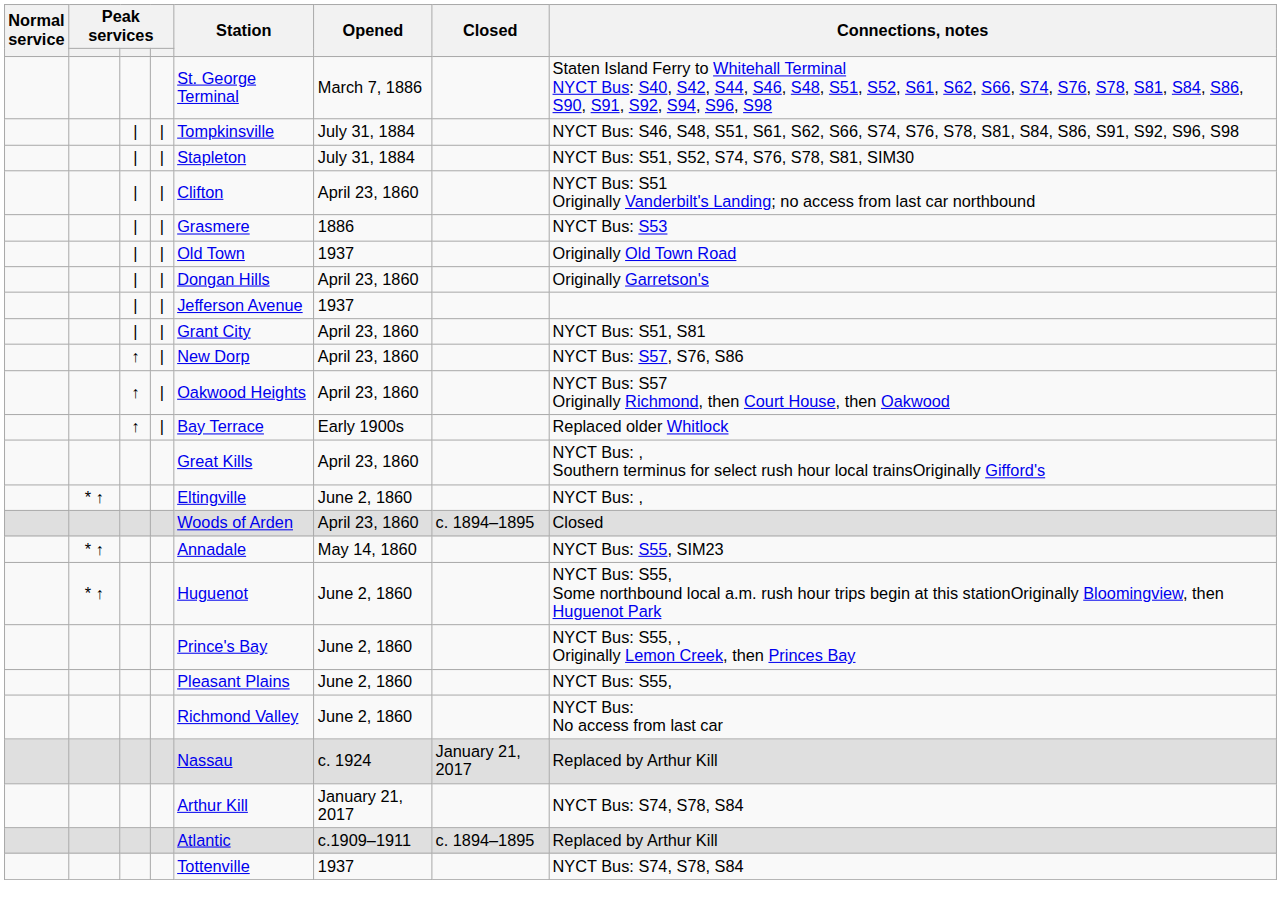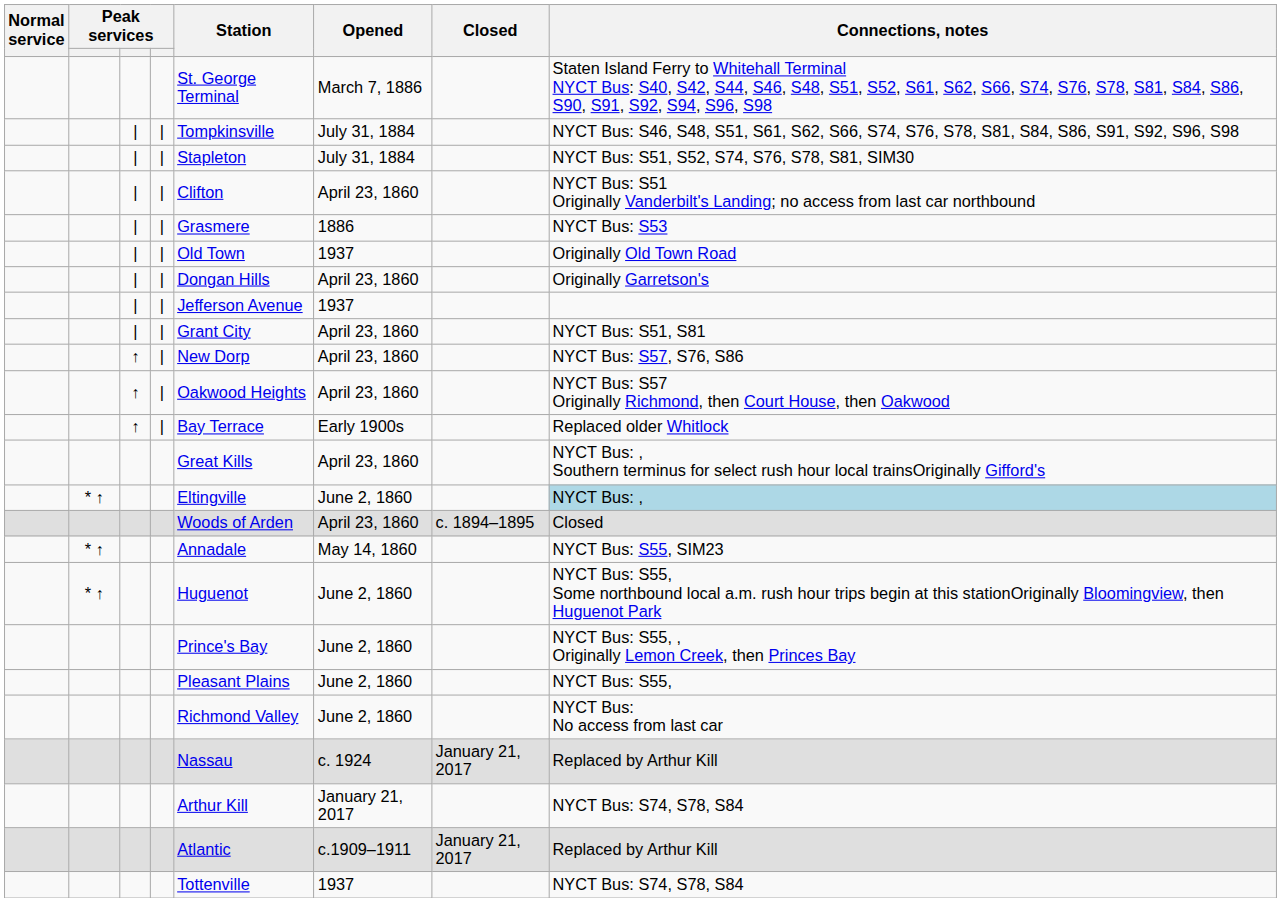 <table class="wikitable" summary="Service information for the Staten Island Railway and its stations, including service times, ADA-accessibility, subway transfers, and non-subway connections.">
 <tr>
 <th scope="col" rowspan=2>Normal<br>service</th>
 <th colspan=3>Peak services</th>
 <th scope="col" rowspan=2>Station</th>
 <th scope="col" rowspan=2>Opened</th>
 <th scope="col" rowspan=2>Closed</th>
 <th scope="col" rowspan=2>Connections, notes</th>
 </tr>
 <tr>
 <th scope="col"></th>
 <th scope="col"></th>
 <th scope="col"></th>
 </tr>
 <tr>
 <td align=center></td>
 <td align=center></td>
 <td align=center></td>
 <td align=center></td>
 <td><a href='#'>St. George Terminal</a> </td>
 <td>March 7, 1886</td>
 <td></td>
 <td> Staten Island Ferry to <a href='#'>Whitehall Terminal</a><br> <a href='#'>NYCT Bus</a>: <a href='#'>S40</a>, <a href='#'>S42</a>, <a href='#'>S44</a>, <a href='#'>S46</a>, <a href='#'>S48</a>, <a href='#'>S51</a>, <a href='#'>S52</a>, <a href='#'>S61</a>, <a href='#'>S62</a>, <a href='#'>S66</a>, <a href='#'>S74</a>, <a href='#'>S76</a>, <a href='#'>S78</a>, <a href='#'>S81</a>, <a href='#'>S84</a>, <a href='#'>S86</a>, <a href='#'>S90</a>, <a href='#'>S91</a>, <a href='#'>S92</a>, <a href='#'>S94</a>, <a href='#'>S96</a>, <a href='#'>S98</a></td>
 </tr>
 <tr>
 <td align=center></td>
 <td align=center></td>
 <td align=center>|</td>
 <td align=center>|</td>
 <td><a href='#'>Tompkinsville</a></td>
 <td>July 31, 1884</td>
 <td></td>
 <td> NYCT Bus:  S46, S48, S51, S61, S62, S66, S74, S76, S78, S81, S84, S86, S91, S92, S96, S98</td>
 </tr>
 <tr>
 <td align=center></td>
 <td align=center></td>
 <td align=center>|</td>
 <td align=center>|</td>
 <td><a href='#'>Stapleton</a></td>
 <td>July 31, 1884</td>
 <td></td>
 <td> NYCT Bus: S51, S52, S74, S76, S78, S81, SIM30</td>
 </tr>
 <tr>
 <td align=center></td>
 <td align=center></td>
 <td align=center>|</td>
 <td align=center>|</td>
 <td><a href='#'>Clifton</a></td>
 <td>April 23, 1860</td>
 <td></td>
 <td> NYCT Bus: S51<br>Originally <a href='#'>Vanderbilt's Landing</a>; no access from last car northbound</td>
 </tr>
 <tr>
 <td align=center></td>
 <td align=center></td>
 <td align=center>|</td>
 <td align=center>|</td>
 <td><a href='#'>Grasmere</a></td>
 <td>1886</td>
 <td></td>
 <td> NYCT Bus: <a href='#'>S53</a></td>
 </tr>
 <tr>
 <td align=center></td>
 <td align=center></td>
 <td align=center>|</td>
 <td align=center>|</td>
 <td><a href='#'>Old Town</a></td>
 <td>1937</td>
 <td></td>
 <td>Originally <a href='#'>Old Town Road</a></td>
 </tr>
 <tr>
 <td align=center></td>
 <td align=center></td>
 <td align=center>|</td>
 <td align=center>|</td>
 <td><a href='#'>Dongan Hills</a> </td>
 <td>April 23, 1860</td>
 <td></td>
 <td>Originally <a href='#'>Garretson's</a></td>
 </tr>
 <tr>
 <td align=center></td>
 <td align=center></td>
 <td align=center>|</td>
 <td align=center>|</td>
 <td><a href='#'>Jefferson Avenue</a></td>
 <td>1937</td>
 <td></td>
 <td></td>
 </tr>
 <tr>
 <td align=center></td>
 <td align=center></td>
 <td align=center>|</td>
 <td align=center>|</td>
 <td><a href='#'>Grant City</a></td>
 <td>April 23, 1860</td>
 <td></td>
 <td> NYCT Bus: S51, S81</td>
 </tr>
 <tr>
 <td align=center></td>
 <td align=center></td>
 <td align=center> ↑</td>
 <td align=center>|</td>
 <td><a href='#'>New Dorp</a> </td>
 <td>April 23, 1860</td>
 <td></td>
 <td> NYCT Bus: <a href='#'>S57</a>, S76, S86</td>
 </tr>
 <tr>
 <td align=center></td>
 <td align=center></td>
 <td align=center> ↑</td>
 <td align=center>|</td>
 <td><a href='#'>Oakwood Heights</a></td>
 <td>April 23, 1860</td>
 <td></td>
 <td> NYCT Bus: S57<br>Originally <a href='#'>Richmond</a>, then <a href='#'>Court House</a>, then <a href='#'>Oakwood</a></td>
 </tr>
 <tr>
 <td align=center></td>
 <td align=center></td>
 <td align=center> ↑</td>
 <td align=center>|</td>
 <td><a href='#'>Bay Terrace</a></td>
 <td>Early 1900s</td>
 <td></td>
 <td>Replaced older <a href='#'>Whitlock</a></td>
 </tr>
 <tr>
 <td align=center></td>
 <td align=center></td>
 <td align=center></td>
 <td align=center></td>
 <td><a href='#'>Great Kills</a> </td>
 <td>April 23, 1860</td>
 <td></td>
 <td> NYCT Bus: , <br>Southern terminus for select rush hour local trainsOriginally <a href='#'>Gifford's</a></td>
 </tr>
 <tr>
 <td align=center></td>
 <td align=center>* ↑</td>
 <td align=center></td>
 <td align=center></td>
 <td><a href='#'>Eltingville</a></td>
 <td>June 2, 1860</td>
 <td></td>
-<td> NYCT Bus: , </td>
+<td style="background: lightblue;"> NYCT Bus: , </td>
 </tr>
 <tr style="background:#dfdfdf;">
 <td></td>
 <td></td>
 <td></td>
 <td></td>
 <td><a href='#'>Woods of Arden</a></td>
 <td>April 23, 1860</td>
 <td>c. 1894–1895</td>
 <td>Closed</td>
 </tr>
 <tr>
 <td align=center></td>
 <td align=center>* ↑</td>
 <td align=center></td>
 <td align=center></td>
 <td><a href='#'>Annadale</a></td>
 <td>May 14, 1860</td>
 <td></td>
 <td> NYCT Bus: <a href='#'>S55</a>, SIM23</td>
 </tr>
 <tr>
 <td align=center></td>
 <td align=center>* ↑</td>
 <td align=center></td>
 <td align=center></td>
 <td><a href='#'>Huguenot</a></td>
 <td>June 2, 1860</td>
 <td></td>
 <td> NYCT Bus: S55,  <br>Some northbound local a.m. rush hour trips begin at this stationOriginally <a href='#'>Bloomingview</a>, then <a href='#'>Huguenot Park</a></td>
 </tr>
 <tr>
 <td align=center></td>
 <td align=center></td>
 <td align=center></td>
 <td align=center></td>
 <td><a href='#'>Prince's Bay</a></td>
 <td>June 2, 1860</td>
 <td></td>
 <td> NYCT Bus: S55, , <br>Originally <a href='#'>Lemon Creek</a>, then <a href='#'>Princes Bay</a></td>
 </tr>
 <tr>
 <td align=center></td>
 <td align=center></td>
 <td align=center></td>
 <td align=center></td>
 <td><a href='#'>Pleasant Plains</a></td>
 <td>June 2, 1860</td>
 <td></td>
 <td> NYCT Bus: S55, </td>
 </tr>
 <tr>
 <td align=center></td>
 <td align=center></td>
 <td align=center></td>
 <td align=center></td>
 <td><a href='#'>Richmond Valley</a></td>
 <td>June 2, 1860</td>
 <td></td>
 <td> NYCT Bus: <br>No access from last car</td>
 </tr>
 <tr style="background:#dfdfdf;">
 <td align=center></td>
 <td align=center></td>
 <td align=center></td>
 <td align=center></td>
 <td><a href='#'>Nassau</a></td>
 <td>c. 1924</td>
 <td>January 21, 2017</td>
 <td>Replaced by Arthur Kill</td>
 </tr>
 <tr>
 <td align=center></td>
 <td align=center></td>
 <td align=center></td>
 <td align=center></td>
 <td><a href='#'>Arthur Kill</a> </td>
 <td>January 21, 2017</td>
 <td></td>
 <td> NYCT Bus: S74, S78, S84</td>
 </tr>
 <tr style="background:#dfdfdf;">
 <td align=center></td>
 <td align=center></td>
 <td align=center></td>
 <td align=center></td>
 <td><a href='#'>Atlantic</a></td>
 <td>c.1909–1911</td>
-<td>c. 1894–1895</td>
+<td>January 21, 2017</td>
 <td>Replaced by Arthur Kill</td>
 </tr>
 <tr>
 <td align=center></td>
 <td align=center></td>
 <td align=center></td>
 <td align=center></td>
 <td><a href='#'>Tottenville</a> </td>
 <td>1937</td>
 <td></td>
 <td> NYCT Bus: S74, S78, S84</td>
 </tr>
 </table>
